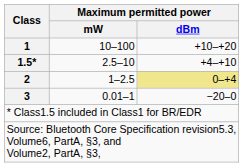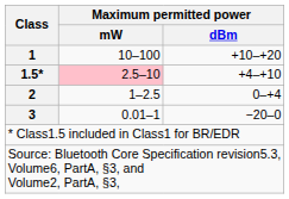 <table class="wikitable floatright" style="text-align:right;">
 <tr>
 <th rowspan=2>Class</th>
 <th colspan=2>Maximum permitted power</th>
 </tr>
 <tr>
 <th>mW</th>
 <th><a href='#'>dBm</a></th>
 </tr>
 <tr>
 <th>1</th>
 <td>10–100</td>
 <td>+10–+20</td>
 </tr>
 <tr>
 <th>1.5*</th>
-<td>2.5–10</td>
+<td style="background: pink;">2.5–10</td>
 <td>+4–+10</td>
 </tr>
 <tr>
 <th>2</th>
 <td>1–2.5</td>
-<td style="background: khaki;">0–+4</td>
+<td>0–+4</td>
 </tr>
 <tr>
 <th>3</th>
 <td>0.01–1</td>
 <td>−20–0</td>
 </tr>
 <tr>
 <td colspan="4" style="text-align:left;">* Class1.5 included in Class1 for BR/EDR</td>
 </tr>
 <tr>
 <td colspan="4" style="text-align:left;">Source: Bluetooth Core Specification revision5.3,<br>Volume6, PartA, §3, and<br>Volume2, PartA, §3, </td>
 </tr>
 </table>
